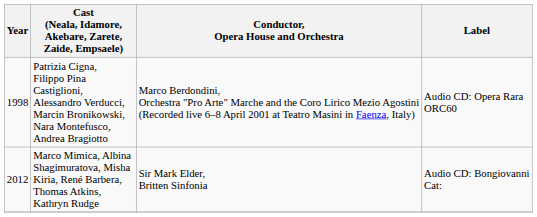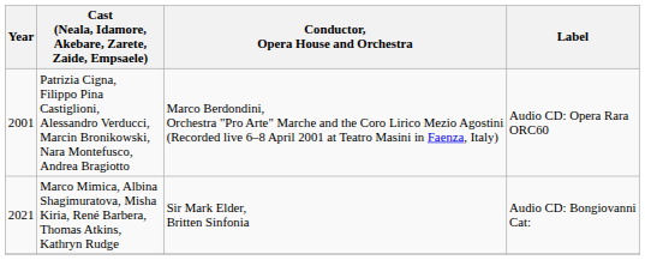 <table class="wikitable">
 <tr>
 <th>Year</th>
 <th style="width:150px;">Cast <br>(Neala, Idamore, Akebare, Zarete,<br>Zaide, Empsaele)</th>
 <th>Conductor,<br>Opera House and Orchestra</th>
 <th>Label</th>
 </tr>
 <tr>
-<td>1998</td>
+<td>2001</td>
 <td>Patrizia Cigna,<br>Filippo Pina Castiglioni,<br>Alessandro Verducci,<br>Marcin Bronikowski,<br>Nara Montefusco,<br>Andrea Bragiotto</td>
 <td>Marco Berdondini,<br>Orchestra "Pro Arte" Marche and the Coro Lirico Mezio Agostini<br>(Recorded live 6–8 April 2001 at Teatro Masini in <a href='#'>Faenza</a>, Italy)<br></td>
 <td>Audio CD: Opera Rara<br>ORC60</td>
 </tr>
 <tr>
-<td>2012</td>
+<td>2021</td>
 <td>Marco Mimica, Albina Shagimuratova, Misha Kiria, René Barbera, Thomas Atkins, Kathryn Rudge</td>
 <td>Sir Mark Elder,<br>Britten Sinfonia</td>
 <td>Audio CD: Bongiovanni<br> Cat: </td>
 </tr>
 <tr>
 </tr>
 </table>
